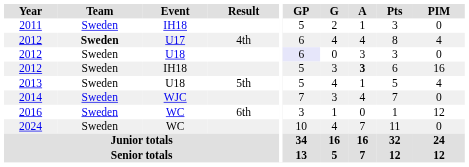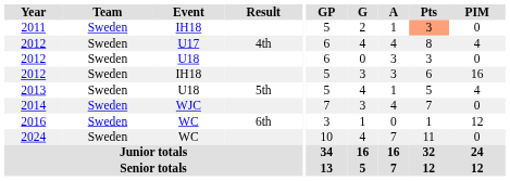 <table border="0" cellpadding="1" cellspacing="0" ID="Table3" style="text-align:center; width:40em">
 <tr ALIGN="center" bgcolor="#e0e0e0">
 <th>Year</th>
 <th>Team</th>
 <th>Event</th>
 <th>Result</th>
 <th rowspan="99" bgcolor="#ffffff"></th>
 <th>GP</th>
 <th>G</th>
 <th>A</th>
 <th>Pts</th>
 <th>PIM</th>
 </tr>
 <tr>
 <td><a href='#'>2011</a></td>
 <td><a href='#'>Sweden</a></td>
 <td><a href='#'>IH18</a></td>
 <td></td>
 <td>5</td>
 <td>2</td>
 <td>1</td>
-<td>3</td>
+<td style="background: lightsalmon;">3</td>
 <td>0</td>
 </tr>
 <tr style="background:#f0f0f0;">
 <td><a href='#'>2012</a></td>
-<td><strong>Sweden</strong></td>
+<td>Sweden</td>
 <td><a href='#'>U17</a></td>
 <td>4th</td>
 <td>6</td>
 <td>4</td>
 <td>4</td>
 <td>8</td>
 <td>4</td>
 </tr>
 <tr>
 <td><a href='#'>2012</a></td>
 <td>Sweden</td>
 <td><a href='#'>U18</a></td>
 <td></td>
-<td style="background: lavender;">6</td>
+<td>6</td>
 <td>0</td>
 <td>3</td>
 <td>3</td>
 <td>0</td>
 </tr>
 <tr style="background:#f0f0f0;">
 <td><a href='#'>2012</a></td>
 <td>Sweden</td>
 <td>IH18</td>
 <td></td>
 <td>5</td>
 <td>3</td>
-<td><strong>3</strong></td>
+<td>3</td>
 <td>6</td>
 <td>16</td>
 </tr>
 <tr>
 <td><a href='#'>2013</a></td>
 <td>Sweden</td>
 <td>U18</td>
 <td>5th</td>
 <td>5</td>
 <td>4</td>
 <td>1</td>
 <td>5</td>
 <td>4</td>
 </tr>
 <tr style="background:#f0f0f0;">
 <td><a href='#'>2014</a></td>
 <td><a href='#'>Sweden</a></td>
 <td><a href='#'>WJC</a></td>
 <td></td>
 <td>7</td>
 <td>3</td>
 <td>4</td>
 <td>7</td>
 <td>0</td>
 </tr>
 <tr>
 <td><a href='#'>2016</a></td>
 <td><a href='#'>Sweden</a></td>
 <td><a href='#'>WC</a></td>
 <td>6th</td>
 <td>3</td>
 <td>1</td>
 <td>0</td>
 <td>1</td>
 <td>12</td>
 </tr>
 <tr style="background:#f0f0f0;">
 <td><a href='#'>2024</a></td>
 <td>Sweden</td>
 <td>WC</td>
 <td></td>
 <td>10</td>
 <td>4</td>
 <td>7</td>
 <td>11</td>
 <td>0</td>
 </tr>
 <tr style="background:#e0e0e0;">
 <th colspan=4>Junior totals</th>
 <th>34</th>
 <th>16</th>
 <th>16</th>
 <th>32</th>
 <th>24</th>
 </tr>
 <tr style="background:#e0e0e0;">
 <th colspan=4>Senior totals</th>
 <th>13</th>
 <th>5</th>
 <th>7</th>
 <th>12</th>
 <th>12</th>
 </tr>
 </table>
